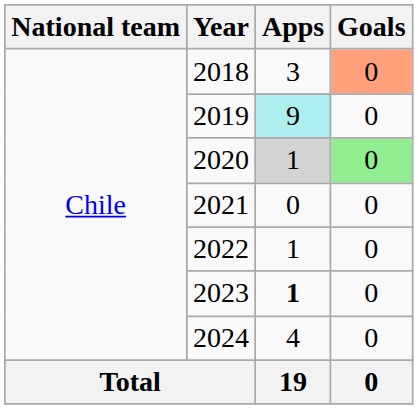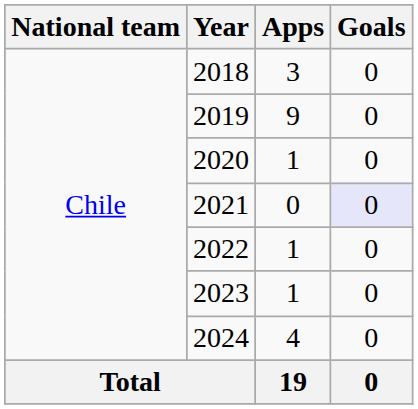 <table class="wikitable" style="text-align:center">
 <tr>
 <th>National team</th>
 <th>Year</th>
 <th>Apps</th>
 <th>Goals</th>
 </tr>
 <tr>
 <td rowspan="7"><a href='#'>Chile</a></td>
 <td>2018</td>
 <td>3</td>
-<td style="background: lightsalmon;">0</td>
+<td>0</td>
 </tr>
 <tr>
 <td>2019</td>
-<td style="background: paleturquoise;">9</td>
+<td>9</td>
 <td>0</td>
 </tr>
 <tr>
 <td>2020</td>
-<td style="background: lightgrey;">1</td>
-<td style="background: lightgreen;">0</td>
+<td>1</td>
+<td>0</td>
 </tr>
 <tr>
 <td>2021</td>
 <td>0</td>
-<td>0</td>
+<td style="background: lavender;">0</td>
 </tr>
 <tr>
 <td>2022</td>
 <td>1</td>
 <td>0</td>
 </tr>
 <tr>
 <td>2023</td>
-<td><strong>1</strong></td>
+<td>1</td>
 <td>0</td>
 </tr>
 <tr>
 <td>2024</td>
 <td>4</td>
 <td>0</td>
 </tr>
 <tr>
 <th colspan="2">Total</th>
 <th>19</th>
 <th>0</th>
 </tr>
 </table>
